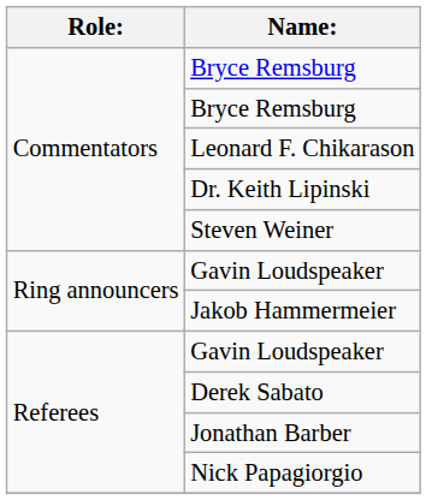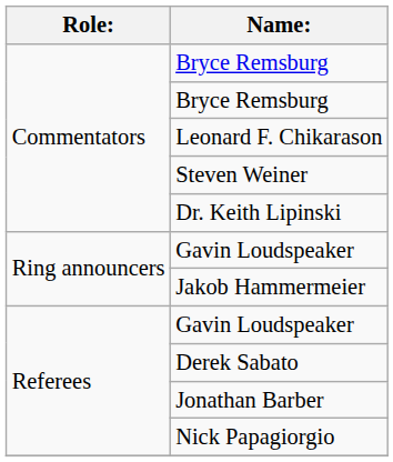 <table class=wikitable style="font-size:90%; margin: 0.5em 0 0.5em 1em; float: right; clear: right;">
 <tr>
 <th>Role:</th>
 <th>Name:</th>
 </tr>
 <tr>
 <td rowspan=5>Commentators</td>
 <td><a href='#'>Bryce Remsburg</a></td>
 </tr>
 <tr>
 <td>Bryce Remsburg</td>
 </tr>
 <tr>
 <td>Leonard F. Chikarason</td>
 </tr>
 <tr>
-<td>Dr. Keith Lipinski </td>
+<td>Steven Weiner </td>
 </tr>
 <tr>
-<td>Steven Weiner </td>
+<td>Dr. Keith Lipinski </td>
 </tr>
 <tr>
 <td rowspan=2>Ring announcers</td>
 <td>Gavin Loudspeaker</td>
 </tr>
 <tr>
 <td>Jakob Hammermeier</td>
 </tr>
 <tr>
 <td rowspan=4>Referees</td>
 <td>Gavin Loudspeaker</td>
 </tr>
 <tr>
 <td>Derek Sabato</td>
 </tr>
 <tr>
 <td>Jonathan Barber</td>
 </tr>
 <tr>
 <td>Nick Papagiorgio</td>
 </tr>
 <tr>
 </tr>
 </table>
